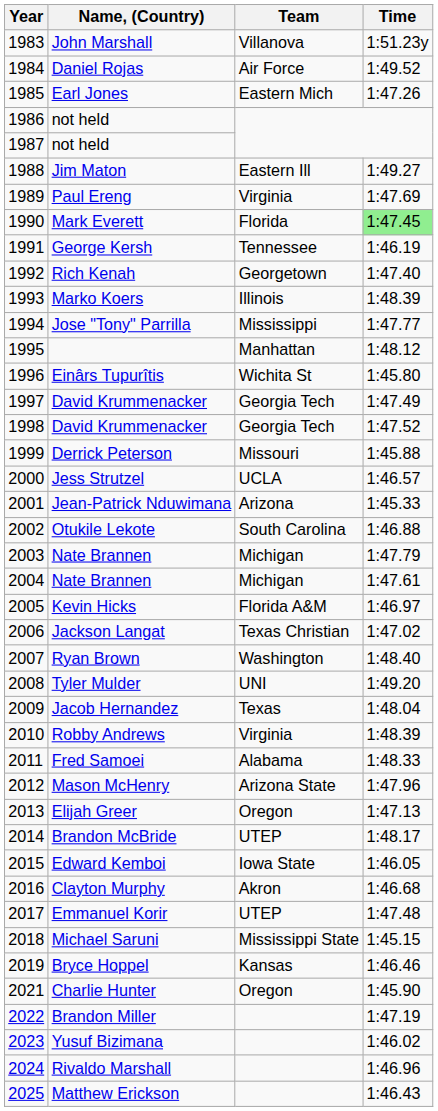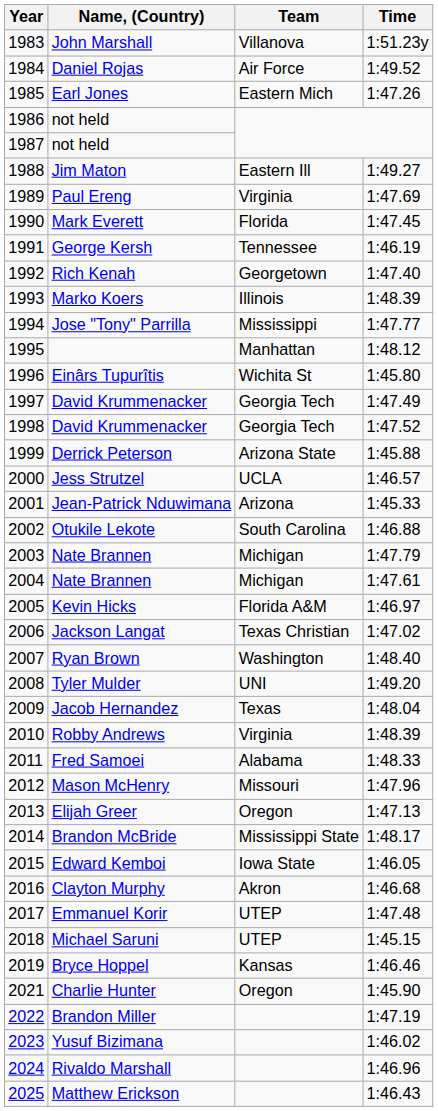 <table class="wikitable sortable">
 <tr>
 <th>Year</th>
 <th>Name, (Country)</th>
 <th>Team</th>
 <th>Time</th>
 </tr>
 <tr>
 <td>1983</td>
 <td><a href='#'>John Marshall</a></td>
 <td>Villanova</td>
 <td>1:51.23y</td>
 </tr>
 <tr>
 <td>1984</td>
 <td><a href='#'>Daniel Rojas</a></td>
 <td>Air Force</td>
 <td>1:49.52</td>
 </tr>
 <tr>
 <td>1985</td>
 <td><a href='#'>Earl Jones</a></td>
 <td>Eastern Mich</td>
 <td>1:47.26</td>
 </tr>
 <tr>
 <td>1986</td>
 <td>not held</td>
 </tr>
 <tr>
 <td>1987</td>
 <td>not held</td>
 </tr>
 <tr>
 <td>1988</td>
 <td><a href='#'>Jim Maton</a></td>
 <td>Eastern Ill</td>
 <td>1:49.27</td>
 </tr>
 <tr>
 <td>1989</td>
 <td><a href='#'>Paul Ereng</a> </td>
 <td>Virginia</td>
 <td>1:47.69</td>
 </tr>
 <tr>
 <td>1990</td>
 <td><a href='#'>Mark Everett</a></td>
 <td>Florida</td>
-<td style="background: lightgreen;">1:47.45</td>
+<td>1:47.45</td>
 </tr>
 <tr>
 <td>1991</td>
 <td><a href='#'>George Kersh</a></td>
 <td>Tennessee</td>
 <td>1:46.19</td>
 </tr>
 <tr>
 <td>1992</td>
 <td><a href='#'>Rich Kenah</a></td>
 <td>Georgetown</td>
 <td>1:47.40</td>
 </tr>
 <tr>
 <td>1993</td>
 <td><a href='#'>Marko Koers</a> </td>
 <td>Illinois</td>
 <td>1:48.39</td>
 </tr>
 <tr>
 <td>1994</td>
 <td><a href='#'>Jose "Tony" Parrilla</a></td>
 <td>Mississippi</td>
 <td>1:47.77</td>
 </tr>
 <tr>
 <td>1995</td>
 <td></td>
 <td>Manhattan</td>
 <td>1:48.12</td>
 </tr>
 <tr>
 <td>1996</td>
 <td><a href='#'>Einârs Tupurîtis</a> </td>
 <td>Wichita St</td>
 <td>1:45.80</td>
 </tr>
 <tr>
 <td>1997</td>
 <td><a href='#'>David Krummenacker</a></td>
 <td>Georgia Tech</td>
 <td>1:47.49</td>
 </tr>
 <tr>
 <td>1998</td>
 <td><a href='#'>David Krummenacker</a></td>
 <td>Georgia Tech</td>
 <td>1:47.52</td>
 </tr>
 <tr>
 <td>1999</td>
 <td><a href='#'>Derrick Peterson</a></td>
-<td>Missouri</td>
+<td>Arizona State</td>
 <td>1:45.88</td>
 </tr>
 <tr>
 <td>2000</td>
 <td><a href='#'>Jess Strutzel</a></td>
 <td>UCLA</td>
 <td>1:46.57</td>
 </tr>
 <tr>
 <td>2001</td>
 <td><a href='#'>Jean-Patrick Nduwimana</a> </td>
 <td>Arizona</td>
 <td>1:45.33</td>
 </tr>
 <tr>
 <td>2002</td>
 <td><a href='#'>Otukile Lekote</a> </td>
 <td>South Carolina</td>
 <td>1:46.88</td>
 </tr>
 <tr>
 <td>2003</td>
 <td><a href='#'>Nate Brannen</a> </td>
 <td>Michigan</td>
 <td>1:47.79</td>
 </tr>
 <tr>
 <td>2004</td>
 <td><a href='#'>Nate Brannen</a> </td>
 <td>Michigan</td>
 <td>1:47.61</td>
 </tr>
 <tr>
 <td>2005</td>
 <td><a href='#'>Kevin Hicks</a></td>
 <td>Florida A&M</td>
 <td>1:46.97</td>
 </tr>
 <tr>
 <td>2006</td>
 <td><a href='#'>Jackson Langat</a> </td>
 <td>Texas Christian</td>
 <td>1:47.02</td>
 </tr>
 <tr>
 <td>2007</td>
 <td><a href='#'>Ryan Brown</a></td>
 <td>Washington</td>
 <td>1:48.40</td>
 </tr>
 <tr>
 <td>2008</td>
 <td><a href='#'>Tyler Mulder</a></td>
 <td>UNI</td>
 <td>1:49.20</td>
 </tr>
 <tr>
 <td>2009</td>
 <td><a href='#'>Jacob Hernandez</a></td>
 <td>Texas</td>
 <td>1:48.04</td>
 </tr>
 <tr>
 <td>2010</td>
 <td><a href='#'>Robby Andrews</a></td>
 <td>Virginia</td>
 <td>1:48.39</td>
 </tr>
 <tr>
 <td>2011</td>
 <td><a href='#'>Fred Samoei</a></td>
 <td>Alabama</td>
 <td>1:48.33</td>
 </tr>
 <tr>
 <td>2012</td>
 <td><a href='#'>Mason McHenry</a></td>
-<td>Arizona State</td>
+<td>Missouri</td>
 <td>1:47.96</td>
 </tr>
 <tr>
 <td>2013</td>
 <td><a href='#'>Elijah Greer</a></td>
 <td>Oregon</td>
 <td>1:47.13</td>
 </tr>
 <tr>
 <td>2014</td>
 <td><a href='#'>Brandon McBride</a> </td>
-<td>UTEP</td>
+<td>Mississippi State</td>
 <td>1:48.17</td>
 </tr>
 <tr>
 <td>2015</td>
 <td><a href='#'>Edward Kemboi</a></td>
 <td>Iowa State</td>
 <td>1:46.05</td>
 </tr>
 <tr>
 <td>2016</td>
 <td><a href='#'>Clayton Murphy</a></td>
 <td>Akron</td>
 <td>1:46.68</td>
 </tr>
 <tr>
 <td>2017</td>
 <td><a href='#'>Emmanuel Korir</a></td>
 <td>UTEP</td>
 <td>1:47.48</td>
 </tr>
 <tr>
 <td>2018</td>
 <td><a href='#'>Michael Saruni</a></td>
-<td>Mississippi State</td>
+<td>UTEP</td>
 <td>1:45.15</td>
 </tr>
 <tr>
 <td>2019</td>
 <td><a href='#'>Bryce Hoppel</a></td>
 <td>Kansas</td>
 <td>1:46.46</td>
 </tr>
 <tr>
 <td>2021</td>
 <td><a href='#'>Charlie Hunter</a></td>
 <td>Oregon</td>
 <td>1:45.90</td>
 </tr>
 <tr>
 <td><a href='#'>2022</a></td>
 <td><a href='#'>Brandon Miller</a></td>
 <td></td>
 <td>1:47.19</td>
 </tr>
 <tr>
 <td><a href='#'>2023</a></td>
 <td><a href='#'>Yusuf Bizimana</a></td>
 <td></td>
 <td>1:46.02</td>
 </tr>
 <tr>
 <td><a href='#'>2024</a></td>
 <td><a href='#'>Rivaldo Marshall</a></td>
 <td></td>
 <td>1:46.96</td>
 </tr>
 <tr>
 <td><a href='#'>2025</a></td>
 <td> <a href='#'>Matthew Erickson</a></td>
 <td></td>
 <td>1:46.43</td>
 </tr>
 </table>
